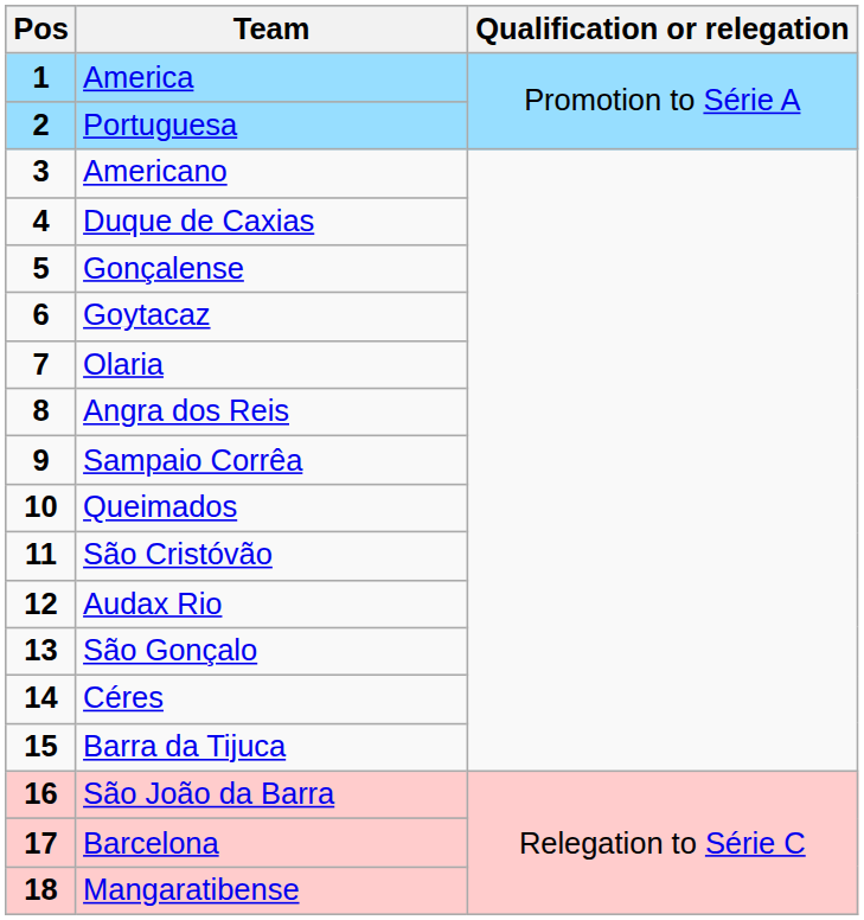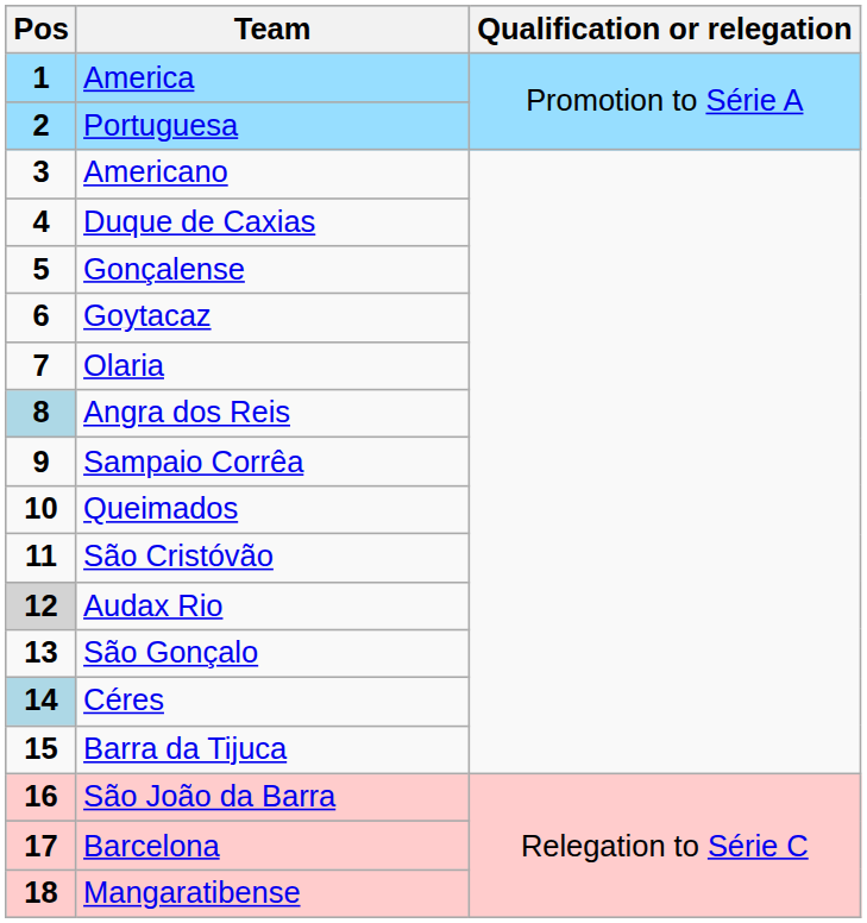 <table class="wikitable" style="text-align:center;">
 <tr bgcolor="#CCDDEE">
 <th width="30">Pos</th>
 <th width="200">Team</th>
 <th width="200">Qualification or relegation</th>
 </tr>
 <tr bgcolor="#97DEFF">
 <td><strong>1</strong></td>
 <td align="left"><a href='#'>America</a></td>
 <td rowspan="2" bgcolor="#97DEFF">Promotion to <a href='#'>Série A</a></td>
 </tr>
 <tr bgcolor="#97DEFF">
 <td><strong>2</strong></td>
 <td align="left"><a href='#'>Portuguesa</a></td>
 </tr>
 <tr>
 <td><strong>3</strong></td>
 <td align="left"><a href='#'>Americano</a></td>
 <td rowspan="13"></td>
 </tr>
 <tr>
 <td><strong>4</strong></td>
 <td align="left"><a href='#'>Duque de Caxias</a></td>
 </tr>
 <tr>
 <td><strong>5</strong></td>
 <td align="left"><a href='#'>Gonçalense</a></td>
 </tr>
 <tr>
 <td><strong>6</strong></td>
 <td align="left"><a href='#'>Goytacaz</a></td>
 </tr>
 <tr>
 <td><strong>7</strong></td>
 <td align="left"><a href='#'>Olaria</a></td>
 </tr>
 <tr>
-<td><strong>8</strong></td>
+<td style="background: lightblue;"><strong>8</strong></td>
 <td align="left"><a href='#'>Angra dos Reis</a></td>
 </tr>
 <tr>
 <td><strong>9</strong></td>
 <td align="left"><a href='#'>Sampaio Corrêa</a></td>
 </tr>
 <tr>
 <td><strong>10</strong></td>
 <td align="left"><a href='#'>Queimados</a></td>
 </tr>
 <tr>
 <td><strong>11</strong></td>
 <td align="left"><a href='#'>São Cristóvão</a></td>
 </tr>
 <tr>
-<td><strong>12</strong></td>
+<td style="background: lightgrey;"><strong>12</strong></td>
 <td align="left"><a href='#'>Audax Rio</a></td>
 </tr>
 <tr>
 <td><strong>13</strong></td>
 <td align="left"><a href='#'>São Gonçalo</a></td>
 </tr>
 <tr>
-<td><strong>14</strong></td>
+<td style="background: lightblue;"><strong>14</strong></td>
 <td align="left"><a href='#'>Céres</a></td>
 </tr>
 <tr>
 <td><strong>15</strong></td>
 <td align="left"><a href='#'>Barra da Tijuca</a></td>
 </tr>
 <tr bgcolor="#FFCCCC">
 <td><strong>16</strong></td>
 <td align="left"><a href='#'>São João da Barra</a></td>
 <td rowspan="3" bgcolor="#FFCCCC">Relegation to <a href='#'>Série C</a></td>
 </tr>
 <tr bgcolor="#FFCCCC">
 <td><strong>17</strong></td>
 <td align="left"><a href='#'>Barcelona</a></td>
 </tr>
 <tr bgcolor="#FFCCCC">
 <td><strong>18</strong></td>
 <td align="left"><a href='#'>Mangaratibense</a></td>
 </tr>
 </table>
